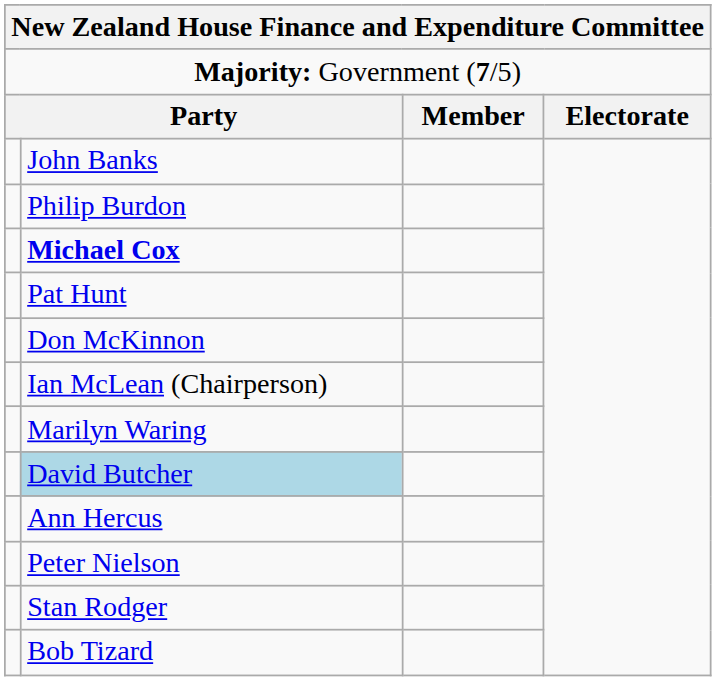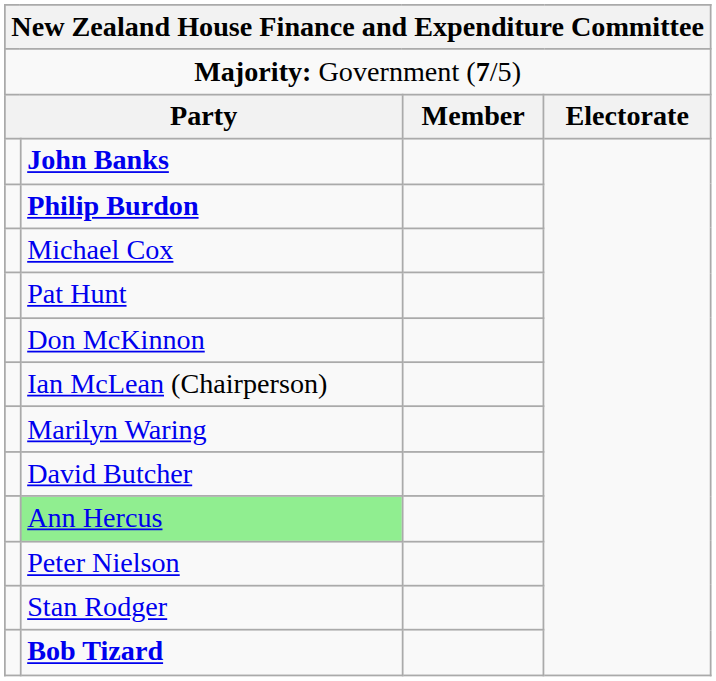 <table class="wikitable">
 <tr>
 <th colspan="4">New Zealand House Finance and Expenditure Committee</th>
 </tr>
 <tr>
 <td colspan="4" style="text-align:center; background:"><strong>Majority:</strong> Government (<strong>7</strong>/5)</td>
 </tr>
 <tr>
 <th colspan="2">Party</th>
 <th>Member</th>
 <th>Electorate</th>
 </tr>
 <tr>
 <td></td>
-<td><a href='#'>John Banks</a></td>
+<td><strong><a href='#'>John Banks</a></strong></td>
 <td></td>
 </tr>
 <tr>
 <td></td>
-<td><a href='#'>Philip Burdon</a></td>
+<td><strong><a href='#'>Philip Burdon</a></strong></td>
 <td></td>
 </tr>
 <tr>
 <td></td>
-<td><strong><a href='#'>Michael Cox</a></strong></td>
+<td><a href='#'>Michael Cox</a></td>
 <td></td>
 </tr>
 <tr>
 <td></td>
 <td><a href='#'>Pat Hunt</a></td>
 <td></td>
 </tr>
 <tr>
 <td></td>
 <td><a href='#'>Don McKinnon</a></td>
 <td></td>
 </tr>
 <tr>
 <td></td>
 <td><a href='#'>Ian McLean</a> (Chairperson)</td>
 <td></td>
 </tr>
 <tr>
 <td></td>
 <td><a href='#'>Marilyn Waring</a></td>
 <td></td>
 </tr>
 <tr>
 <td></td>
-<td style="background: lightblue;"><a href='#'>David Butcher</a></td>
+<td><a href='#'>David Butcher</a></td>
 <td></td>
 </tr>
 <tr>
 <td></td>
-<td><a href='#'>Ann Hercus</a></td>
+<td style="background: lightgreen;"><a href='#'>Ann Hercus</a></td>
 <td></td>
 </tr>
 <tr>
 <td></td>
 <td><a href='#'>Peter Nielson</a></td>
 <td></td>
 </tr>
 <tr>
 <td></td>
 <td><a href='#'>Stan Rodger</a></td>
 <td></td>
 </tr>
 <tr>
 <td></td>
-<td><a href='#'>Bob Tizard</a></td>
+<td><strong><a href='#'>Bob Tizard</a></strong></td>
 <td></td>
 </tr>
 </table>
